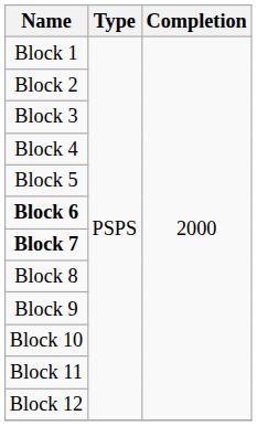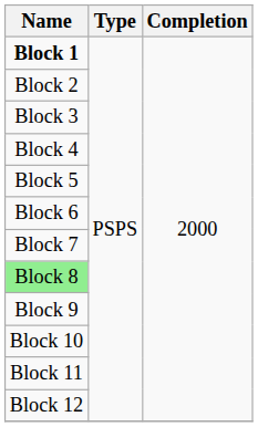 <table class="wikitable" style="text-align: center">
 <tr>
 <th>Name</th>
 <th>Type</th>
 <th>Completion</th>
 </tr>
 <tr>
-<td>Block 1</td>
+<td><strong>Block 1</strong></td>
 <td rowspan="12">PSPS</td>
 <td rowspan="12">2000</td>
 </tr>
 <tr>
 <td>Block 2</td>
 </tr>
 <tr>
 <td>Block 3</td>
 </tr>
 <tr>
 <td>Block 4</td>
 </tr>
 <tr>
 <td>Block 5</td>
 </tr>
 <tr>
-<td><strong>Block 6</strong></td>
+<td>Block 6</td>
 </tr>
 <tr>
-<td><strong>Block 7</strong></td>
+<td>Block 7</td>
 </tr>
 <tr>
-<td>Block 8</td>
+<td style="background: lightgreen;">Block 8</td>
 </tr>
 <tr>
 <td>Block 9</td>
 </tr>
 <tr>
 <td>Block 10</td>
 </tr>
 <tr>
 <td>Block 11</td>
 </tr>
 <tr>
 <td>Block 12</td>
 </tr>
 <tr>
 </tr>
 </table>
